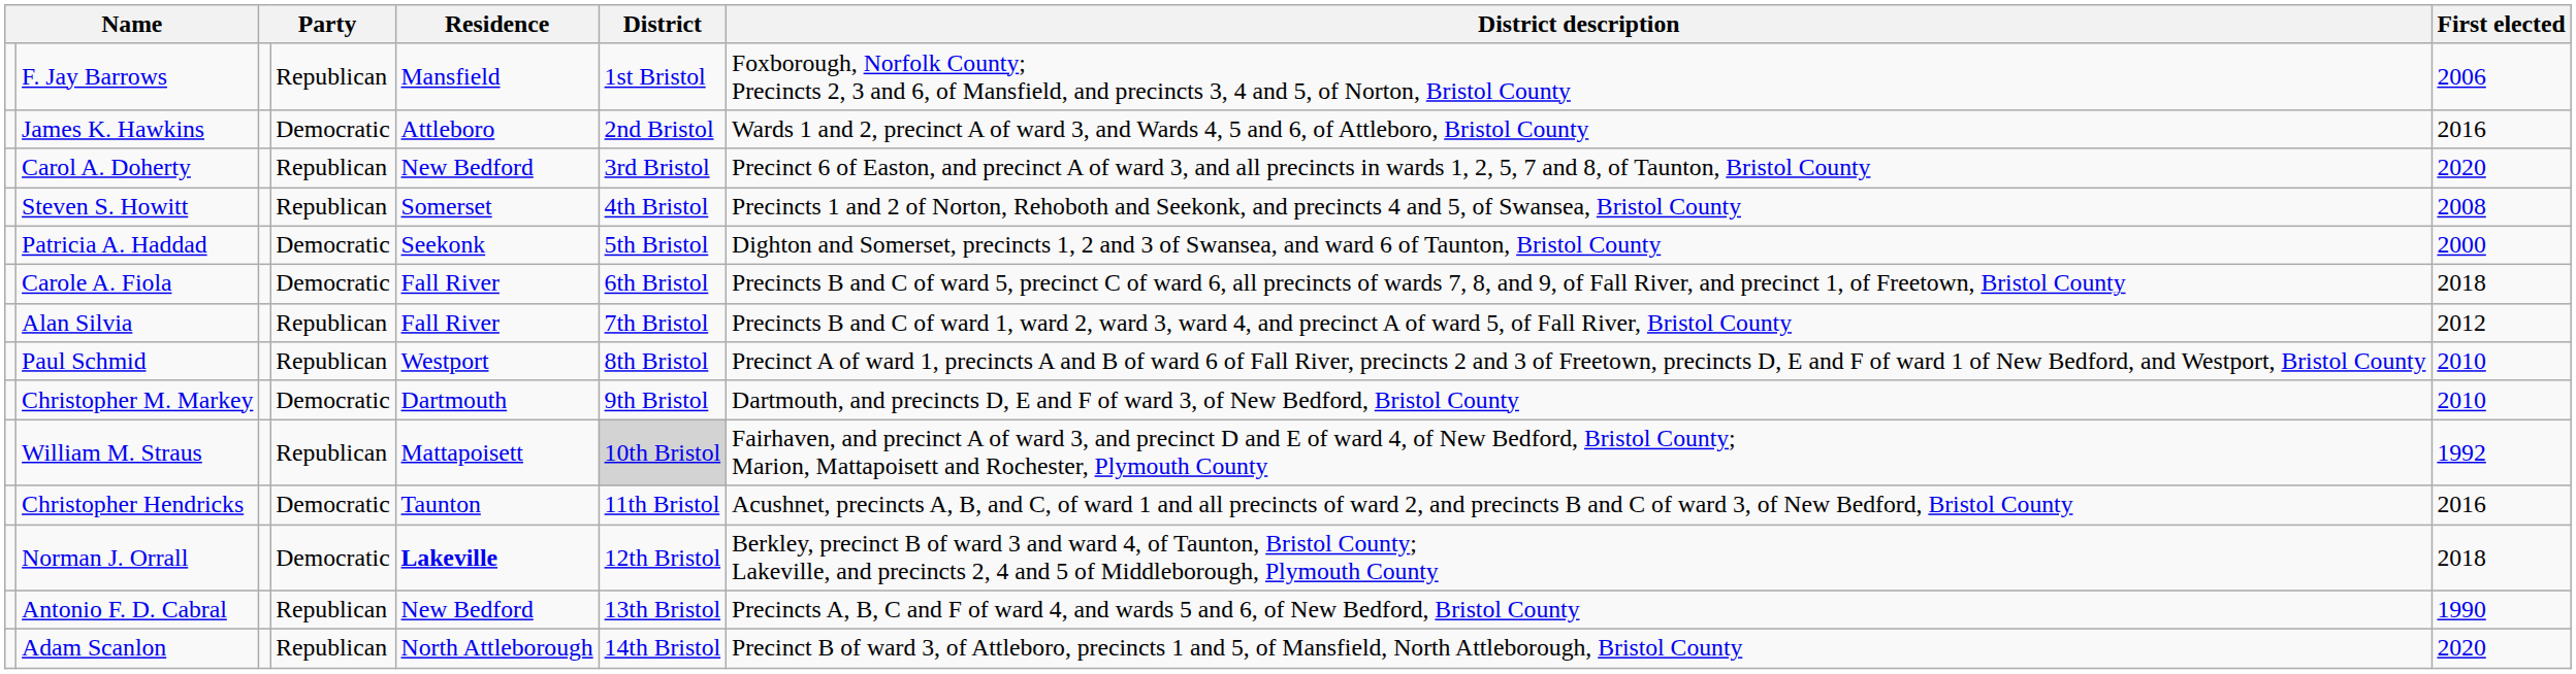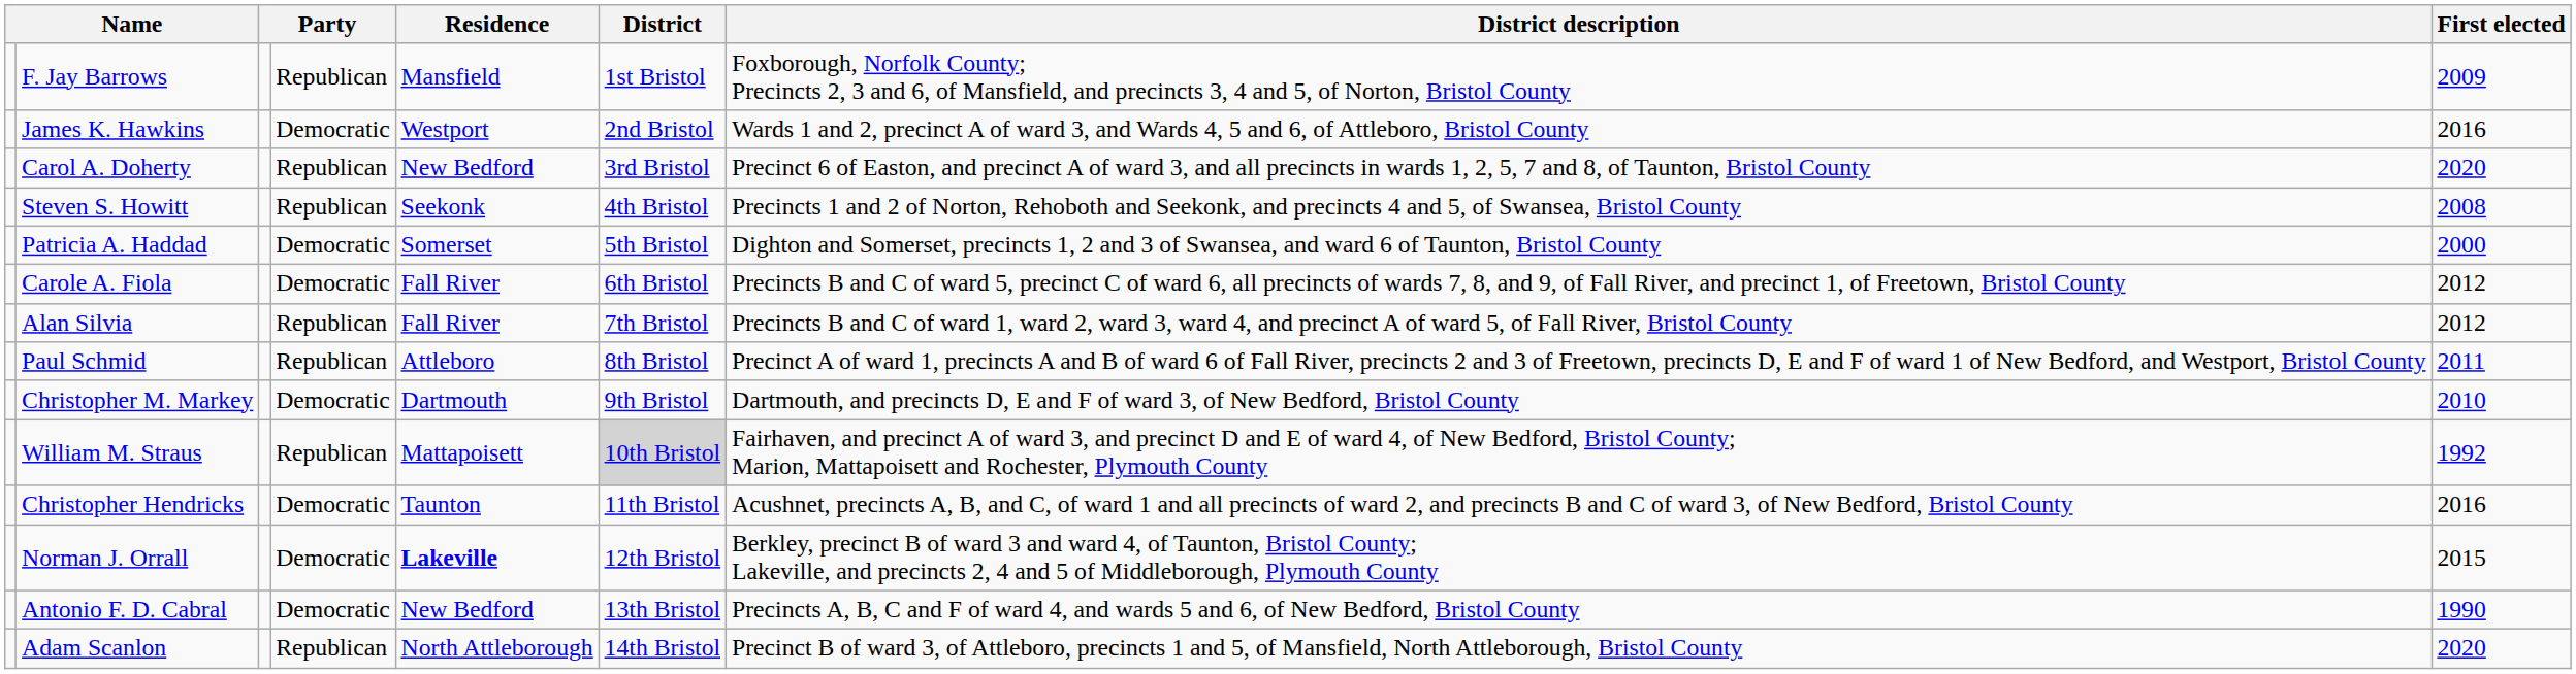 <table class="wikitable sortable" style="text-align:left;">
 <tr>
 <th colspan="2">Name</th>
 <th colspan=2>Party</th>
 <th>Residence</th>
 <th>District</th>
 <th>District description</th>
 <th>First elected</th>
 </tr>
 <tr>
 <td></td>
 <td><a href='#'>F. Jay Barrows</a></td>
 <td style="background-color:"></td>
 <td>Republican</td>
 <td><a href='#'>Mansfield</a></td>
 <td><a href='#'>1st Bristol</a></td>
 <td>Foxborough, <a href='#'>Norfolk County</a>;<br>Precincts 2, 3 and 6, of Mansfield, and precincts 3, 4 and 5, of Norton, <a href='#'>Bristol County</a></td>
-<td><a href='#'>2006</a></td>
+<td><a href='#'>2009</a></td>
 </tr>
 <tr>
 <td></td>
 <td><a href='#'>James K. Hawkins</a></td>
 <td style="background-color:"></td>
 <td>Democratic</td>
-<td><a href='#'>Attleboro</a></td>
+<td><a href='#'>Westport</a></td>
 <td><a href='#'>2nd Bristol</a></td>
 <td>Wards 1 and 2, precinct A of ward 3, and Wards 4, 5 and 6, of Attleboro, <a href='#'>Bristol County</a></td>
 <td>2016</td>
 </tr>
 <tr>
 <td></td>
 <td><a href='#'>Carol A. Doherty</a></td>
 <td style="background-color:"></td>
 <td>Republican</td>
 <td><a href='#'>New Bedford</a></td>
 <td><a href='#'>3rd Bristol</a></td>
 <td>Precinct 6 of Easton, and precinct A of ward 3, and all precincts in wards 1, 2, 5, 7 and 8, of Taunton, <a href='#'>Bristol County</a></td>
 <td><a href='#'>2020</a></td>
 </tr>
 <tr>
 <td></td>
 <td><a href='#'>Steven S. Howitt</a></td>
 <td style="background-color:"></td>
 <td>Republican</td>
-<td><a href='#'>Somerset</a></td>
+<td><a href='#'>Seekonk</a></td>
 <td><a href='#'>4th Bristol</a></td>
 <td>Precincts 1 and 2 of Norton, Rehoboth and Seekonk, and precincts 4 and 5, of Swansea, <a href='#'>Bristol County</a></td>
 <td><a href='#'>2008</a></td>
 </tr>
 <tr>
 <td></td>
 <td><a href='#'>Patricia A. Haddad</a></td>
 <td style="background-color:"></td>
 <td>Democratic</td>
-<td><a href='#'>Seekonk</a></td>
+<td><a href='#'>Somerset</a></td>
 <td><a href='#'>5th Bristol</a></td>
 <td>Dighton and Somerset, precincts 1, 2 and 3 of Swansea, and ward 6 of Taunton, <a href='#'>Bristol County</a></td>
 <td><a href='#'>2000</a></td>
 </tr>
 <tr>
 <td></td>
 <td><a href='#'>Carole A. Fiola</a></td>
 <td style="background-color:"></td>
 <td>Democratic</td>
 <td><a href='#'>Fall River</a></td>
 <td><a href='#'>6th Bristol</a></td>
 <td>Precincts B and C of ward 5, precinct C of ward 6, all precincts of wards 7, 8, and 9, of Fall River, and precinct 1, of Freetown, <a href='#'>Bristol County</a></td>
-<td>2018</td>
+<td>2012</td>
 </tr>
 <tr>
 <td></td>
 <td><a href='#'>Alan Silvia</a></td>
 <td style="background-color:"></td>
 <td>Republican</td>
 <td><a href='#'>Fall River</a></td>
 <td><a href='#'>7th Bristol</a></td>
 <td>Precincts B and C of ward 1, ward 2, ward 3, ward 4, and precinct A of ward 5, of Fall River, <a href='#'>Bristol County</a></td>
 <td>2012</td>
 </tr>
 <tr>
 <td></td>
 <td><a href='#'>Paul Schmid</a></td>
 <td style="background-color:"></td>
 <td>Republican</td>
-<td><a href='#'>Westport</a></td>
+<td><a href='#'>Attleboro</a></td>
 <td><a href='#'>8th Bristol</a></td>
 <td>Precinct A of ward 1, precincts A and B of ward 6 of Fall River, precincts 2 and 3 of Freetown, precincts D, E and F of ward 1 of New Bedford, and Westport, <a href='#'>Bristol County</a></td>
-<td><a href='#'>2010</a></td>
+<td><a href='#'>2011</a></td>
 </tr>
 <tr>
 <td></td>
 <td><a href='#'>Christopher M. Markey</a></td>
 <td style="background-color:"></td>
 <td>Democratic</td>
 <td><a href='#'>Dartmouth</a></td>
 <td><a href='#'>9th Bristol</a></td>
 <td>Dartmouth, and precincts D, E and F of ward 3, of New Bedford, <a href='#'>Bristol County</a></td>
 <td><a href='#'>2010</a></td>
 </tr>
 <tr>
 <td></td>
 <td><a href='#'>William M. Straus</a></td>
 <td style="background-color:"></td>
 <td>Republican</td>
 <td><a href='#'>Mattapoisett</a></td>
 <td style="background: lightgrey;"><a href='#'>10th Bristol</a></td>
 <td>Fairhaven, and precinct A of ward 3, and precinct D and E of ward 4, of New Bedford, <a href='#'>Bristol County</a>;<br>Marion, Mattapoisett and Rochester, <a href='#'>Plymouth County</a></td>
 <td><a href='#'>1992</a></td>
 </tr>
 <tr>
 <td></td>
 <td><a href='#'>Christopher Hendricks</a></td>
 <td style="background-color:"></td>
 <td>Democratic</td>
 <td><a href='#'>Taunton</a></td>
 <td><a href='#'>11th Bristol</a></td>
 <td>Acushnet, precincts A, B, and C, of ward 1 and all precincts of ward 2, and precincts B and C of ward 3, of New Bedford, <a href='#'>Bristol County</a></td>
 <td>2016</td>
 </tr>
 <tr>
 <td></td>
 <td><a href='#'>Norman J. Orrall</a></td>
 <td style="background-color:"></td>
 <td>Democratic</td>
 <td><strong><a href='#'>Lakeville</a></strong></td>
 <td><a href='#'>12th Bristol</a></td>
 <td>Berkley, precinct B of ward 3 and ward 4, of Taunton, <a href='#'>Bristol County</a>;<br>Lakeville, and precincts 2, 4 and 5 of Middleborough, <a href='#'>Plymouth County</a></td>
-<td>2018</td>
+<td>2015</td>
 </tr>
 <tr>
 <td></td>
 <td><a href='#'>Antonio F. D. Cabral</a></td>
 <td style="background-color:"></td>
-<td>Republican</td>
+<td>Democratic</td>
 <td><a href='#'>New Bedford</a></td>
 <td><a href='#'>13th Bristol</a></td>
 <td>Precincts A, B, C and F of ward 4, and wards 5 and 6, of New Bedford, <a href='#'>Bristol County</a></td>
 <td><a href='#'>1990</a></td>
 </tr>
 <tr>
 <td></td>
 <td><a href='#'>Adam Scanlon</a></td>
 <td style="background-color:"></td>
 <td>Republican</td>
 <td><a href='#'>North Attleborough</a></td>
 <td><a href='#'>14th Bristol</a></td>
 <td>Precinct B of ward 3, of Attleboro, precincts 1 and 5, of Mansfield, North Attleborough, <a href='#'>Bristol County</a></td>
 <td><a href='#'>2020</a></td>
 </tr>
 </table>
